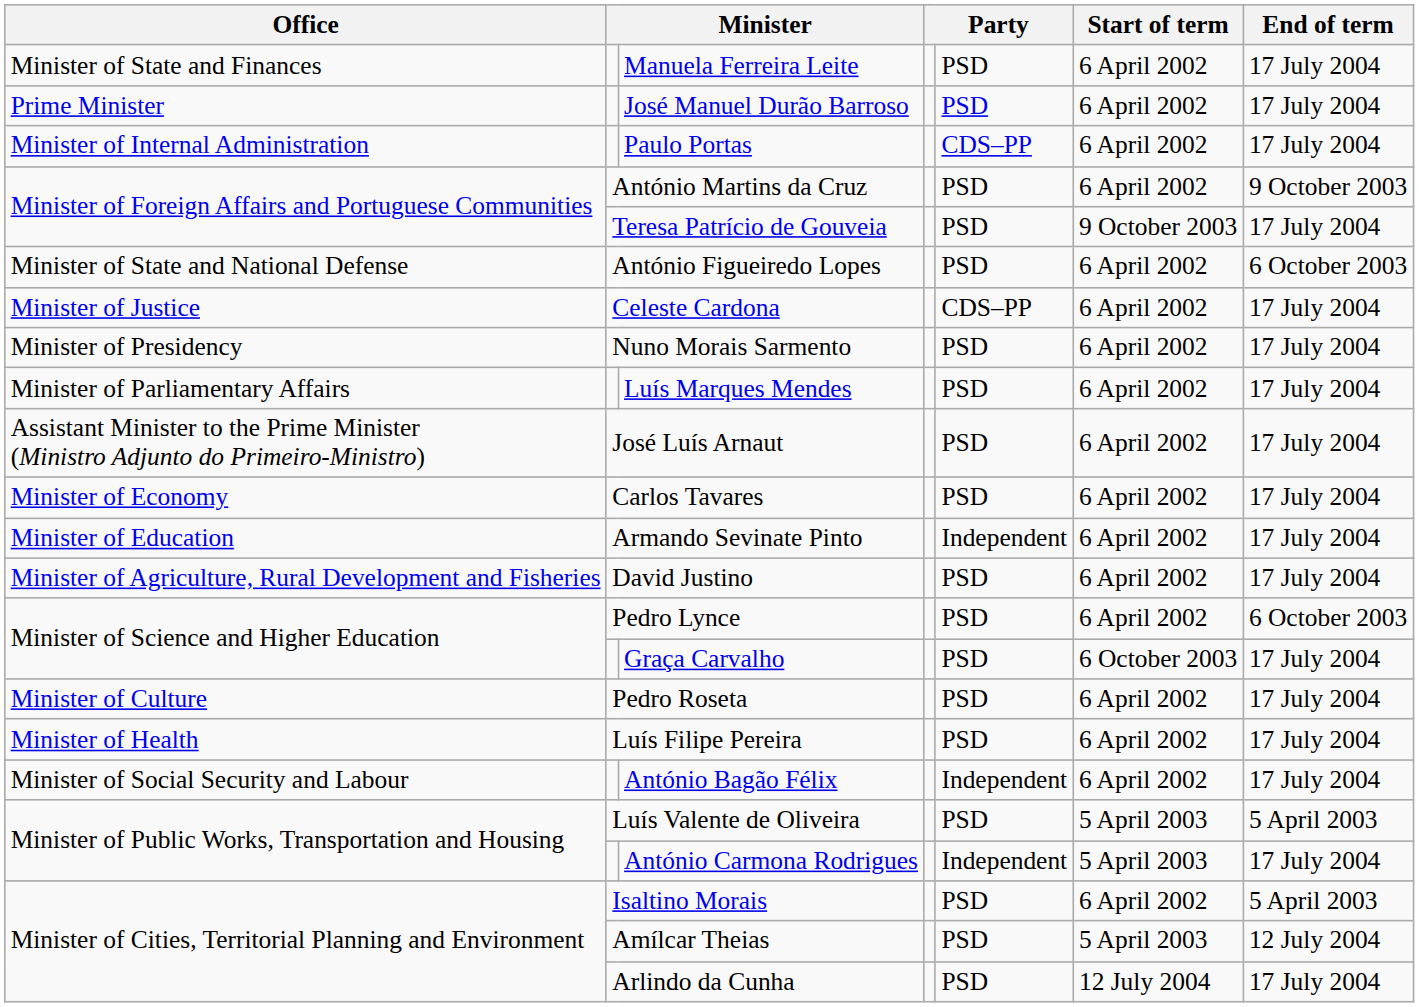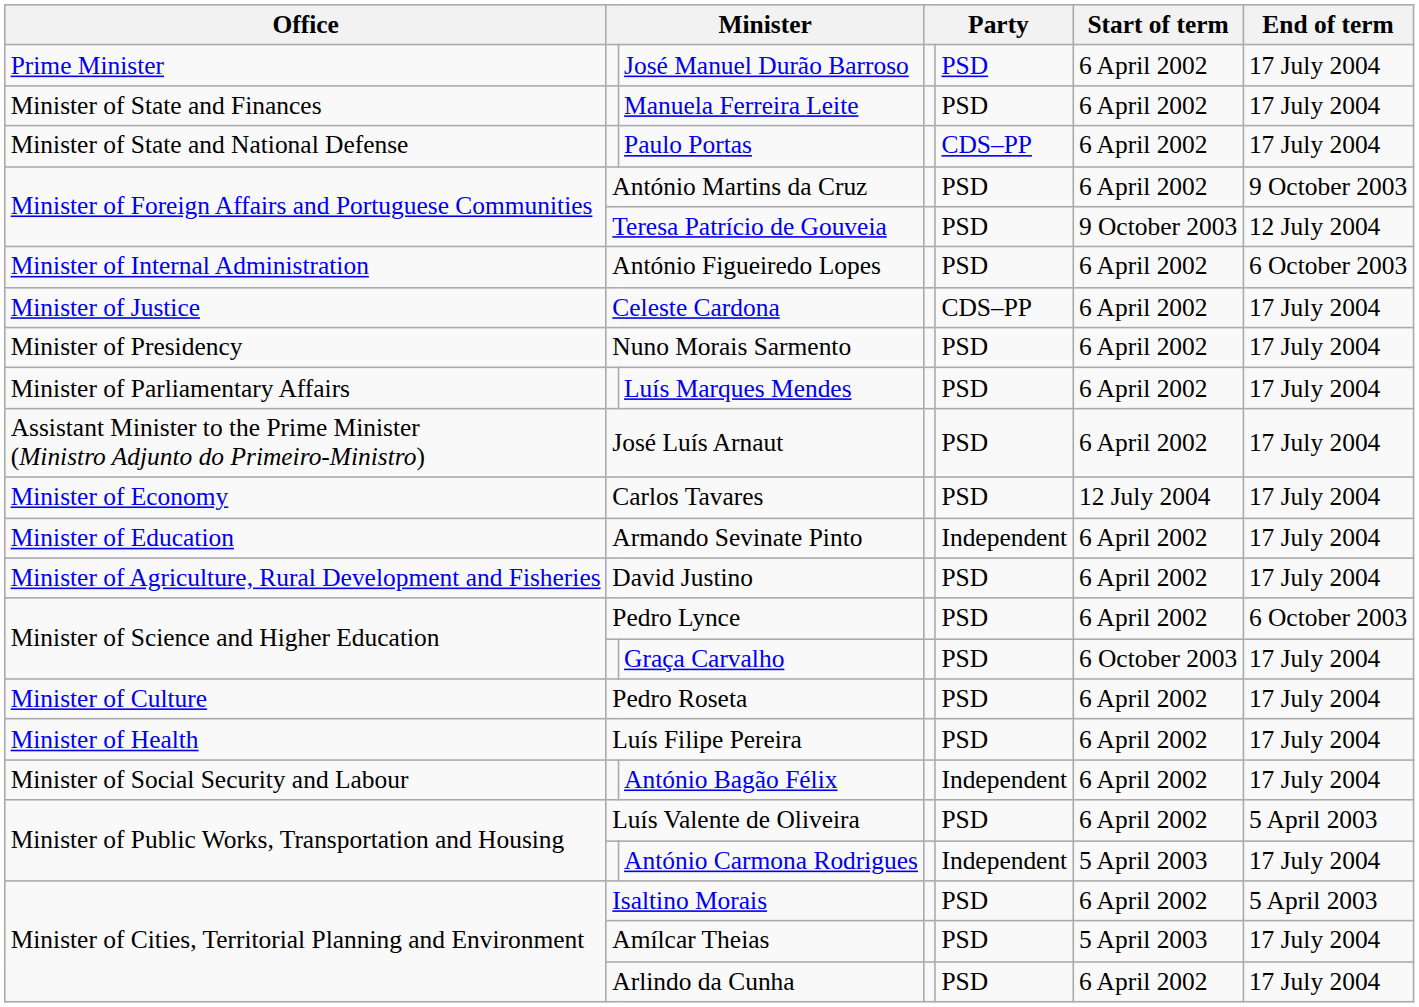 <table class="wikitable">
 <tr>
 <th>Office</th>
 <th colspan="2">Minister</th>
 <th colspan="2">Party</th>
 <th>Start of term</th>
 <th>End of term</th>
+</tr>
+<tr>
+<td><a href='#'>Prime Minister</a></td>
+<td></td>
+<td><a href='#'>José Manuel Durão Barroso</a></td>
+<td style="background:"></td>
+<td><a href='#'>PSD</a></td>
+<td>6 April 2002</td>
+<td>17 July 2004</td>
 </tr>
 <tr>
 <td>Minister of State and Finances</td>
 <td></td>
 <td><a href='#'>Manuela Ferreira Leite</a></td>
 <td style="background:"></td>
 <td>PSD</td>
 <td>6 April 2002</td>
 <td>17 July 2004</td>
 </tr>
 <tr>
-<td><a href='#'>Prime Minister</a></td>
-<td></td>
-<td><a href='#'>José Manuel Durão Barroso</a></td>
-<td style="background:"></td>
-<td><a href='#'>PSD</a></td>
-<td>6 April 2002</td>
-<td>17 July 2004</td>
-</tr>
-<tr>
-<td><a href='#'>Minister of Internal Administration</a></td>
+<td>Minister of State and National Defense</td>
 <td></td>
 <td><a href='#'>Paulo Portas</a></td>
 <td style="background:"></td>
 <td><a href='#'>CDS–PP</a></td>
 <td>6 April 2002</td>
 <td>17 July 2004</td>
 </tr>
 <tr>
 <td rowspan="2"><a href='#'>Minister of Foreign Affairs and Portuguese Communities</a></td>
 <td colspan="2">António Martins da Cruz</td>
 <td style="background:"></td>
 <td>PSD</td>
 <td>6 April 2002</td>
 <td>9 October 2003</td>
 </tr>
 <tr>
 <td colspan="2"><a href='#'>Teresa Patrício de Gouveia</a></td>
 <td style="background:"></td>
 <td>PSD</td>
 <td>9 October 2003</td>
-<td>17 July 2004</td>
+<td>12 July 2004</td>
 </tr>
 <tr>
-<td>Minister of State and National Defense</td>
+<td><a href='#'>Minister of Internal Administration</a></td>
 <td colspan="2">António Figueiredo Lopes</td>
 <td style="background:"></td>
 <td>PSD</td>
 <td>6 April 2002</td>
 <td>6 October 2003</td>
 </tr>
 <tr>
 <td><a href='#'>Minister of Justice</a></td>
 <td colspan="2"><a href='#'>Celeste Cardona</a></td>
 <td style="background:"></td>
 <td>CDS–PP</td>
 <td>6 April 2002</td>
 <td>17 July 2004</td>
 </tr>
 <tr>
 <td>Minister of Presidency</td>
 <td colspan="2">Nuno Morais Sarmento</td>
 <td style="background:"></td>
 <td>PSD</td>
 <td>6 April 2002</td>
 <td>17 July 2004</td>
 </tr>
 <tr>
 <td>Minister of Parliamentary Affairs</td>
 <td></td>
 <td><a href='#'>Luís Marques Mendes</a></td>
 <td style="background:"></td>
 <td>PSD</td>
 <td>6 April 2002</td>
 <td>17 July 2004</td>
 </tr>
 <tr>
 <td>Assistant Minister to the Prime Minister<br>(<em>Ministro Adjunto do Primeiro-Ministro</em>)</td>
 <td colspan="2">José Luís Arnaut</td>
 <td style="background:"></td>
 <td>PSD</td>
 <td>6 April 2002</td>
 <td>17 July 2004</td>
 </tr>
 <tr>
 <td><a href='#'>Minister of Economy</a></td>
 <td colspan="2">Carlos Tavares</td>
 <td style="background:"></td>
 <td>PSD</td>
-<td>6 April 2002</td>
+<td>12 July 2004</td>
 <td>17 July 2004</td>
 </tr>
 <tr>
 <td><a href='#'>Minister of Education</a></td>
 <td colspan="2">Armando Sevinate Pinto</td>
 <td style="background:"></td>
 <td>Independent</td>
 <td>6 April 2002</td>
 <td>17 July 2004</td>
 </tr>
 <tr>
 <td><a href='#'>Minister of Agriculture, Rural Development and Fisheries</a></td>
 <td colspan="2">David Justino</td>
 <td style="background:"></td>
 <td>PSD</td>
 <td>6 April 2002</td>
 <td>17 July 2004</td>
 </tr>
 <tr>
 <td rowspan="2">Minister of Science and Higher Education</td>
 <td colspan="2">Pedro Lynce</td>
 <td style="background:"></td>
 <td>PSD</td>
 <td>6 April 2002</td>
 <td>6 October 2003</td>
 </tr>
 <tr>
 <td></td>
 <td><a href='#'>Graça Carvalho</a></td>
 <td style="background:"></td>
 <td>PSD</td>
 <td>6 October 2003</td>
 <td>17 July 2004</td>
 </tr>
 <tr>
 <td><a href='#'>Minister of Culture</a></td>
 <td colspan="2">Pedro Roseta</td>
 <td style="background:"></td>
 <td>PSD</td>
 <td>6 April 2002</td>
 <td>17 July 2004</td>
 </tr>
 <tr>
 <td><a href='#'>Minister of Health</a></td>
 <td colspan="2">Luís Filipe Pereira</td>
 <td style="background:"></td>
 <td>PSD</td>
 <td>6 April 2002</td>
 <td>17 July 2004</td>
 </tr>
 <tr>
 <td>Minister of Social Security and Labour</td>
 <td></td>
 <td><a href='#'>António Bagão Félix</a></td>
 <td style="background:"></td>
 <td>Independent</td>
 <td>6 April 2002</td>
 <td>17 July 2004</td>
 </tr>
 <tr>
 <td rowspan="2">Minister of Public Works, Transportation and Housing</td>
 <td colspan="2">Luís Valente de Oliveira</td>
 <td style="background:"></td>
 <td>PSD</td>
-<td>5 April 2003</td>
+<td>6 April 2002</td>
 <td>5 April 2003</td>
 </tr>
 <tr>
 <td></td>
 <td><a href='#'>António Carmona Rodrigues</a></td>
 <td style="background:"></td>
 <td>Independent</td>
 <td>5 April 2003</td>
 <td>17 July 2004</td>
 </tr>
 <tr>
 <td rowspan="3">Minister of Cities, Territorial Planning and Environment</td>
 <td colspan="2"><a href='#'>Isaltino Morais</a></td>
 <td style="background:"></td>
 <td>PSD</td>
 <td>6 April 2002</td>
 <td>5 April 2003</td>
 </tr>
 <tr>
 <td colspan="2">Amílcar Theias</td>
 <td style="background:"></td>
 <td>PSD</td>
 <td>5 April 2003</td>
-<td>12 July 2004</td>
+<td>17 July 2004</td>
 </tr>
 <tr>
 <td colspan="2">Arlindo da Cunha</td>
 <td style="background:"></td>
 <td>PSD</td>
-<td>12 July 2004</td>
+<td>6 April 2002</td>
 <td>17 July 2004</td>
 </tr>
 </table>
